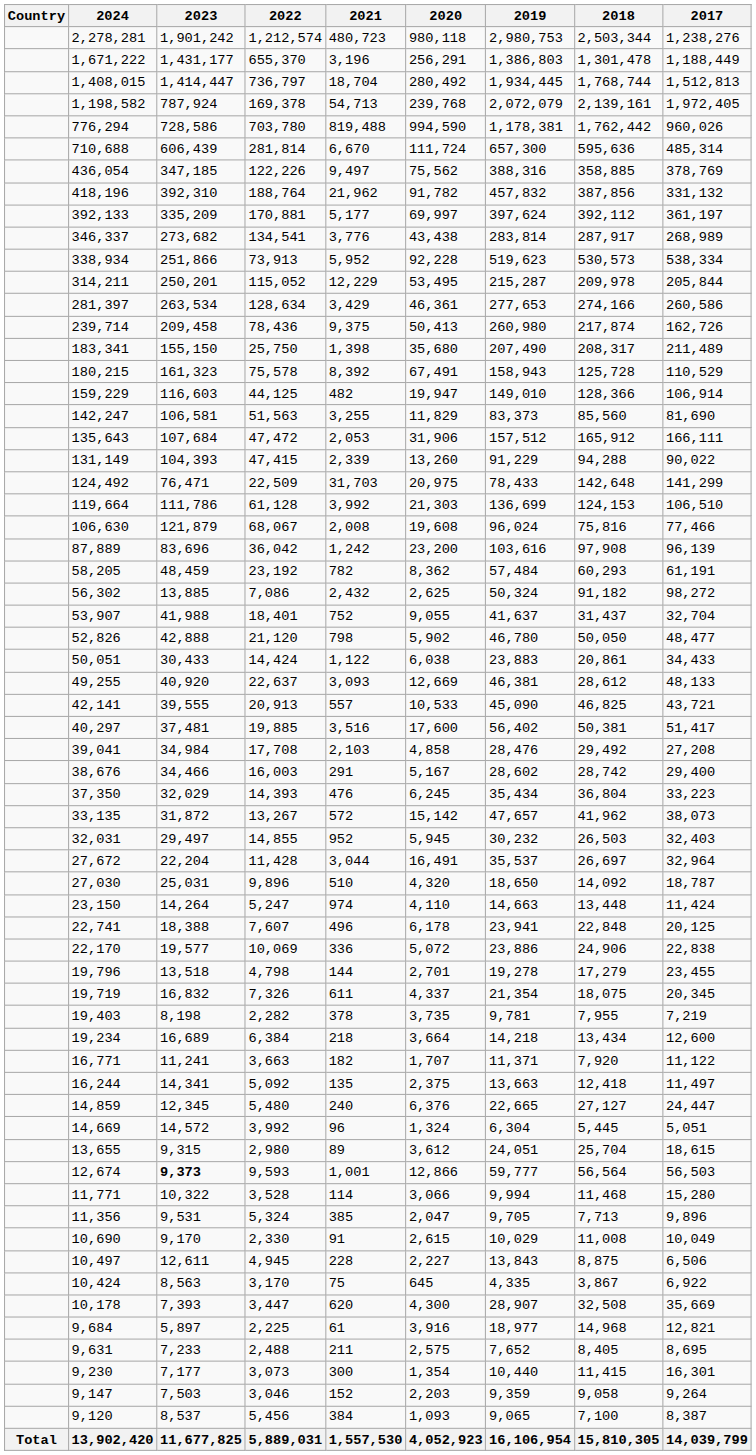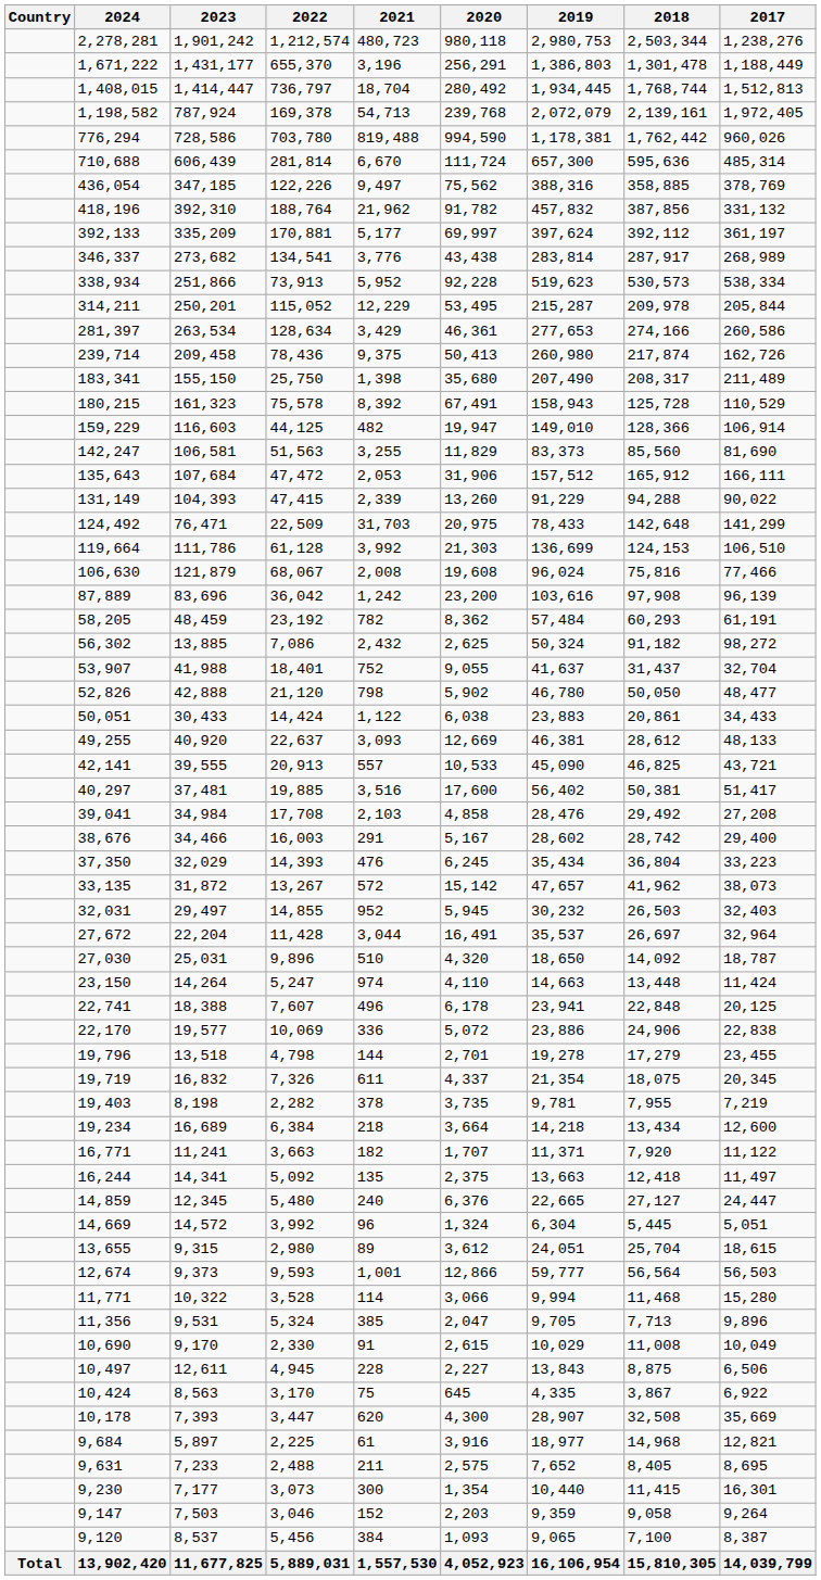 <table class="wikitable sortable static-row-numbers sticky-header sort-under col1left">
 <tr>
 <th>Country</th>
 <th>2024</th>
 <th>2023</th>
 <th>2022</th>
 <th>2021</th>
 <th>2020</th>
 <th>2019</th>
 <th>2018</th>
 <th>2017</th>
 </tr>
 <tr>
 <td></td>
 <td>2,278,281</td>
 <td>1,901,242</td>
 <td>1,212,574</td>
 <td>480,723</td>
 <td>980,118</td>
 <td>2,980,753</td>
 <td>2,503,344</td>
 <td>1,238,276</td>
 </tr>
 <tr>
 <td></td>
 <td>1,671,222</td>
 <td>1,431,177</td>
 <td>655,370</td>
 <td>3,196</td>
 <td>256,291</td>
 <td>1,386,803</td>
 <td>1,301,478</td>
 <td>1,188,449</td>
 </tr>
 <tr>
 <td></td>
 <td>1,408,015</td>
 <td>1,414,447</td>
 <td>736,797</td>
 <td>18,704</td>
 <td>280,492</td>
 <td>1,934,445</td>
 <td>1,768,744</td>
 <td>1,512,813</td>
 </tr>
 <tr>
 <td></td>
 <td>1,198,582</td>
 <td>787,924</td>
 <td>169,378</td>
 <td>54,713</td>
 <td>239,768</td>
 <td>2,072,079</td>
 <td>2,139,161</td>
 <td>1,972,405</td>
 </tr>
 <tr>
 <td></td>
 <td>776,294</td>
 <td>728,586</td>
 <td>703,780</td>
 <td>819,488</td>
 <td>994,590</td>
 <td>1,178,381</td>
 <td>1,762,442</td>
 <td>960,026</td>
 </tr>
 <tr>
 <td></td>
 <td>710,688</td>
 <td>606,439</td>
 <td>281,814</td>
 <td>6,670</td>
 <td>111,724</td>
 <td>657,300</td>
 <td>595,636</td>
 <td>485,314</td>
 </tr>
 <tr>
 <td></td>
 <td>436,054</td>
 <td>347,185</td>
 <td>122,226</td>
 <td>9,497</td>
 <td>75,562</td>
 <td>388,316</td>
 <td>358,885</td>
 <td>378,769</td>
 </tr>
 <tr>
 <td></td>
 <td>418,196</td>
 <td>392,310</td>
 <td>188,764</td>
 <td>21,962</td>
 <td>91,782</td>
 <td>457,832</td>
 <td>387,856</td>
 <td>331,132</td>
 </tr>
 <tr>
 <td></td>
 <td>392,133</td>
 <td>335,209</td>
 <td>170,881</td>
 <td>5,177</td>
 <td>69,997</td>
 <td>397,624</td>
 <td>392,112</td>
 <td>361,197</td>
 </tr>
 <tr>
 <td></td>
 <td>346,337</td>
 <td>273,682</td>
 <td>134,541</td>
 <td>3,776</td>
 <td>43,438</td>
 <td>283,814</td>
 <td>287,917</td>
 <td>268,989</td>
 </tr>
 <tr>
 <td></td>
 <td>338,934</td>
 <td>251,866</td>
 <td>73,913</td>
 <td>5,952</td>
 <td>92,228</td>
 <td>519,623</td>
 <td>530,573</td>
 <td>538,334</td>
 </tr>
 <tr>
 <td></td>
 <td>314,211</td>
 <td>250,201</td>
 <td>115,052</td>
 <td>12,229</td>
 <td>53,495</td>
 <td>215,287</td>
 <td>209,978</td>
 <td>205,844</td>
 </tr>
 <tr>
 <td></td>
 <td>281,397</td>
 <td>263,534</td>
 <td>128,634</td>
 <td>3,429</td>
 <td>46,361</td>
 <td>277,653</td>
 <td>274,166</td>
 <td>260,586</td>
 </tr>
 <tr>
 <td></td>
 <td>239,714</td>
 <td>209,458</td>
 <td>78,436</td>
 <td>9,375</td>
 <td>50,413</td>
 <td>260,980</td>
 <td>217,874</td>
 <td>162,726</td>
 </tr>
 <tr>
 <td></td>
 <td>183,341</td>
 <td>155,150</td>
 <td>25,750</td>
 <td>1,398</td>
 <td>35,680</td>
 <td>207,490</td>
 <td>208,317</td>
 <td>211,489</td>
 </tr>
 <tr>
 <td></td>
 <td>180,215</td>
 <td>161,323</td>
 <td>75,578</td>
 <td>8,392</td>
 <td>67,491</td>
 <td>158,943</td>
 <td>125,728</td>
 <td>110,529</td>
 </tr>
 <tr>
 <td></td>
 <td>159,229</td>
 <td>116,603</td>
 <td>44,125</td>
 <td>482</td>
 <td>19,947</td>
 <td>149,010</td>
 <td>128,366</td>
 <td>106,914</td>
 </tr>
 <tr>
 <td></td>
 <td>142,247</td>
 <td>106,581</td>
 <td>51,563</td>
 <td>3,255</td>
 <td>11,829</td>
 <td>83,373</td>
 <td>85,560</td>
 <td>81,690</td>
 </tr>
 <tr>
 <td></td>
 <td>135,643</td>
 <td>107,684</td>
 <td>47,472</td>
 <td>2,053</td>
 <td>31,906</td>
 <td>157,512</td>
 <td>165,912</td>
 <td>166,111</td>
 </tr>
 <tr>
 <td></td>
 <td>131,149</td>
 <td>104,393</td>
 <td>47,415</td>
 <td>2,339</td>
 <td>13,260</td>
 <td>91,229</td>
 <td>94,288</td>
 <td>90,022</td>
 </tr>
 <tr>
 <td></td>
 <td>124,492</td>
 <td>76,471</td>
 <td>22,509</td>
 <td>31,703</td>
 <td>20,975</td>
 <td>78,433</td>
 <td>142,648</td>
 <td>141,299</td>
 </tr>
 <tr>
 <td></td>
 <td>119,664</td>
 <td>111,786</td>
 <td>61,128</td>
 <td>3,992</td>
 <td>21,303</td>
 <td>136,699</td>
 <td>124,153</td>
 <td>106,510</td>
 </tr>
 <tr>
 <td></td>
 <td>106,630</td>
 <td>121,879</td>
 <td>68,067</td>
 <td>2,008</td>
 <td>19,608</td>
 <td>96,024</td>
 <td>75,816</td>
 <td>77,466</td>
 </tr>
 <tr>
 <td></td>
 <td>87,889</td>
 <td>83,696</td>
 <td>36,042</td>
 <td>1,242</td>
 <td>23,200</td>
 <td>103,616</td>
 <td>97,908</td>
 <td>96,139</td>
 </tr>
 <tr>
 <td></td>
 <td>58,205</td>
 <td>48,459</td>
 <td>23,192</td>
 <td>782</td>
 <td>8,362</td>
 <td>57,484</td>
 <td>60,293</td>
 <td>61,191</td>
 </tr>
 <tr>
 <td></td>
 <td>56,302</td>
 <td>13,885</td>
 <td>7,086</td>
 <td>2,432</td>
 <td>2,625</td>
 <td>50,324</td>
 <td>91,182</td>
 <td>98,272</td>
 </tr>
 <tr>
 <td></td>
 <td>53,907</td>
 <td>41,988</td>
 <td>18,401</td>
 <td>752</td>
 <td>9,055</td>
 <td>41,637</td>
 <td>31,437</td>
 <td>32,704</td>
 </tr>
 <tr>
 <td></td>
 <td>52,826</td>
 <td>42,888</td>
 <td>21,120</td>
 <td>798</td>
 <td>5,902</td>
 <td>46,780</td>
 <td>50,050</td>
 <td>48,477</td>
 </tr>
 <tr>
 <td></td>
 <td>50,051</td>
 <td>30,433</td>
 <td>14,424</td>
 <td>1,122</td>
 <td>6,038</td>
 <td>23,883</td>
 <td>20,861</td>
 <td>34,433</td>
 </tr>
 <tr>
 <td></td>
 <td>49,255</td>
 <td>40,920</td>
 <td>22,637</td>
 <td>3,093</td>
 <td>12,669</td>
 <td>46,381</td>
 <td>28,612</td>
 <td>48,133</td>
 </tr>
 <tr>
 <td></td>
 <td>42,141</td>
 <td>39,555</td>
 <td>20,913</td>
 <td>557</td>
 <td>10,533</td>
 <td>45,090</td>
 <td>46,825</td>
 <td>43,721</td>
 </tr>
 <tr>
 <td></td>
 <td>40,297</td>
 <td>37,481</td>
 <td>19,885</td>
 <td>3,516</td>
 <td>17,600</td>
 <td>56,402</td>
 <td>50,381</td>
 <td>51,417</td>
 </tr>
 <tr>
 <td></td>
 <td>39,041</td>
 <td>34,984</td>
 <td>17,708</td>
 <td>2,103</td>
 <td>4,858</td>
 <td>28,476</td>
 <td>29,492</td>
 <td>27,208</td>
 </tr>
 <tr>
 <td></td>
 <td>38,676</td>
 <td>34,466</td>
 <td>16,003</td>
 <td>291</td>
 <td>5,167</td>
 <td>28,602</td>
 <td>28,742</td>
 <td>29,400</td>
 </tr>
 <tr>
 <td></td>
 <td>37,350</td>
 <td>32,029</td>
 <td>14,393</td>
 <td>476</td>
 <td>6,245</td>
 <td>35,434</td>
 <td>36,804</td>
 <td>33,223</td>
 </tr>
 <tr>
 <td></td>
 <td>33,135</td>
 <td>31,872</td>
 <td>13,267</td>
 <td>572</td>
 <td>15,142</td>
 <td>47,657</td>
 <td>41,962</td>
 <td>38,073</td>
 </tr>
 <tr>
 <td></td>
 <td>32,031</td>
 <td>29,497</td>
 <td>14,855</td>
 <td>952</td>
 <td>5,945</td>
 <td>30,232</td>
 <td>26,503</td>
 <td>32,403</td>
 </tr>
 <tr>
 <td></td>
 <td>27,672</td>
 <td>22,204</td>
 <td>11,428</td>
 <td>3,044</td>
 <td>16,491</td>
 <td>35,537</td>
 <td>26,697</td>
 <td>32,964</td>
 </tr>
 <tr>
 <td></td>
 <td>27,030</td>
 <td>25,031</td>
 <td>9,896</td>
 <td>510</td>
 <td>4,320</td>
 <td>18,650</td>
 <td>14,092</td>
 <td>18,787</td>
 </tr>
 <tr>
 <td></td>
 <td>23,150</td>
 <td>14,264</td>
 <td>5,247</td>
 <td>974</td>
 <td>4,110</td>
 <td>14,663</td>
 <td>13,448</td>
 <td>11,424</td>
 </tr>
 <tr>
 <td></td>
 <td>22,741</td>
 <td>18,388</td>
 <td>7,607</td>
 <td>496</td>
 <td>6,178</td>
 <td>23,941</td>
 <td>22,848</td>
 <td>20,125</td>
 </tr>
 <tr>
 <td></td>
 <td>22,170</td>
 <td>19,577</td>
 <td>10,069</td>
 <td>336</td>
 <td>5,072</td>
 <td>23,886</td>
 <td>24,906</td>
 <td>22,838</td>
 </tr>
 <tr>
 <td></td>
 <td>19,796</td>
 <td>13,518</td>
 <td>4,798</td>
 <td>144</td>
 <td>2,701</td>
 <td>19,278</td>
 <td>17,279</td>
 <td>23,455</td>
 </tr>
 <tr>
 <td></td>
 <td>19,719</td>
 <td>16,832</td>
 <td>7,326</td>
 <td>611</td>
 <td>4,337</td>
 <td>21,354</td>
 <td>18,075</td>
 <td>20,345</td>
 </tr>
 <tr>
 <td></td>
 <td>19,403</td>
 <td>8,198</td>
 <td>2,282</td>
 <td>378</td>
 <td>3,735</td>
 <td>9,781</td>
 <td>7,955</td>
 <td>7,219</td>
 </tr>
 <tr>
 <td></td>
 <td>19,234</td>
 <td>16,689</td>
 <td>6,384</td>
 <td>218</td>
 <td>3,664</td>
 <td>14,218</td>
 <td>13,434</td>
 <td>12,600</td>
 </tr>
 <tr>
 <td></td>
 <td>16,771</td>
 <td>11,241</td>
 <td>3,663</td>
 <td>182</td>
 <td>1,707</td>
 <td>11,371</td>
 <td>7,920</td>
 <td>11,122</td>
 </tr>
 <tr>
 <td></td>
 <td>16,244</td>
 <td>14,341</td>
 <td>5,092</td>
 <td>135</td>
 <td>2,375</td>
 <td>13,663</td>
 <td>12,418</td>
 <td>11,497</td>
 </tr>
 <tr>
 <td></td>
 <td>14,859</td>
 <td>12,345</td>
 <td>5,480</td>
 <td>240</td>
 <td>6,376</td>
 <td>22,665</td>
 <td>27,127</td>
 <td>24,447</td>
 </tr>
 <tr>
 <td></td>
 <td>14,669</td>
 <td>14,572</td>
 <td>3,992</td>
 <td>96</td>
 <td>1,324</td>
 <td>6,304</td>
 <td>5,445</td>
 <td>5,051</td>
 </tr>
 <tr>
 <td></td>
 <td>13,655</td>
 <td>9,315</td>
 <td>2,980</td>
 <td>89</td>
 <td>3,612</td>
 <td>24,051</td>
 <td>25,704</td>
 <td>18,615</td>
 </tr>
 <tr>
 <td></td>
 <td>12,674</td>
-<td><strong>9,373</strong></td>
+<td>9,373</td>
 <td>9,593</td>
 <td>1,001</td>
 <td>12,866</td>
 <td>59,777</td>
 <td>56,564</td>
 <td>56,503</td>
 </tr>
 <tr>
 <td></td>
 <td>11,771</td>
 <td>10,322</td>
 <td>3,528</td>
 <td>114</td>
 <td>3,066</td>
 <td>9,994</td>
 <td>11,468</td>
 <td>15,280</td>
 </tr>
 <tr>
 <td></td>
 <td>11,356</td>
 <td>9,531</td>
 <td>5,324</td>
 <td>385</td>
 <td>2,047</td>
 <td>9,705</td>
 <td>7,713</td>
 <td>9,896</td>
 </tr>
 <tr>
 <td></td>
 <td>10,690</td>
 <td>9,170</td>
 <td>2,330</td>
 <td>91</td>
 <td>2,615</td>
 <td>10,029</td>
 <td>11,008</td>
 <td>10,049</td>
 </tr>
 <tr>
 <td></td>
 <td>10,497</td>
 <td>12,611</td>
 <td>4,945</td>
 <td>228</td>
 <td>2,227</td>
 <td>13,843</td>
 <td>8,875</td>
 <td>6,506</td>
 </tr>
 <tr>
 <td></td>
 <td>10,424</td>
 <td>8,563</td>
 <td>3,170</td>
 <td>75</td>
 <td>645</td>
 <td>4,335</td>
 <td>3,867</td>
 <td>6,922</td>
 </tr>
 <tr>
 <td></td>
 <td>10,178</td>
 <td>7,393</td>
 <td>3,447</td>
 <td>620</td>
 <td>4,300</td>
 <td>28,907</td>
 <td>32,508</td>
 <td>35,669</td>
 </tr>
 <tr>
 <td></td>
 <td>9,684</td>
 <td>5,897</td>
 <td>2,225</td>
 <td>61</td>
 <td>3,916</td>
 <td>18,977</td>
 <td>14,968</td>
 <td>12,821</td>
 </tr>
 <tr>
 <td></td>
 <td>9,631</td>
 <td>7,233</td>
 <td>2,488</td>
 <td>211</td>
 <td>2,575</td>
 <td>7,652</td>
 <td>8,405</td>
 <td>8,695</td>
 </tr>
 <tr>
 <td></td>
 <td>9,230</td>
 <td>7,177</td>
 <td>3,073</td>
 <td>300</td>
 <td>1,354</td>
 <td>10,440</td>
 <td>11,415</td>
 <td>16,301</td>
 </tr>
 <tr>
 <td></td>
 <td>9,147</td>
 <td>7,503</td>
 <td>3,046</td>
 <td>152</td>
 <td>2,203</td>
 <td>9,359</td>
 <td>9,058</td>
 <td>9,264</td>
 </tr>
 <tr>
 <td></td>
 <td>9,120</td>
 <td>8,537</td>
 <td>5,456</td>
 <td>384</td>
 <td>1,093</td>
 <td>9,065</td>
 <td>7,100</td>
 <td>8,387</td>
 </tr>
 <tr>
 <th>Total</th>
 <th>13,902,420</th>
 <th>11,677,825</th>
 <th>5,889,031</th>
 <th>1,557,530</th>
 <th>4,052,923</th>
 <th>16,106,954</th>
 <th>15,810,305</th>
 <th>14,039,799</th>
 </tr>
 </table>
